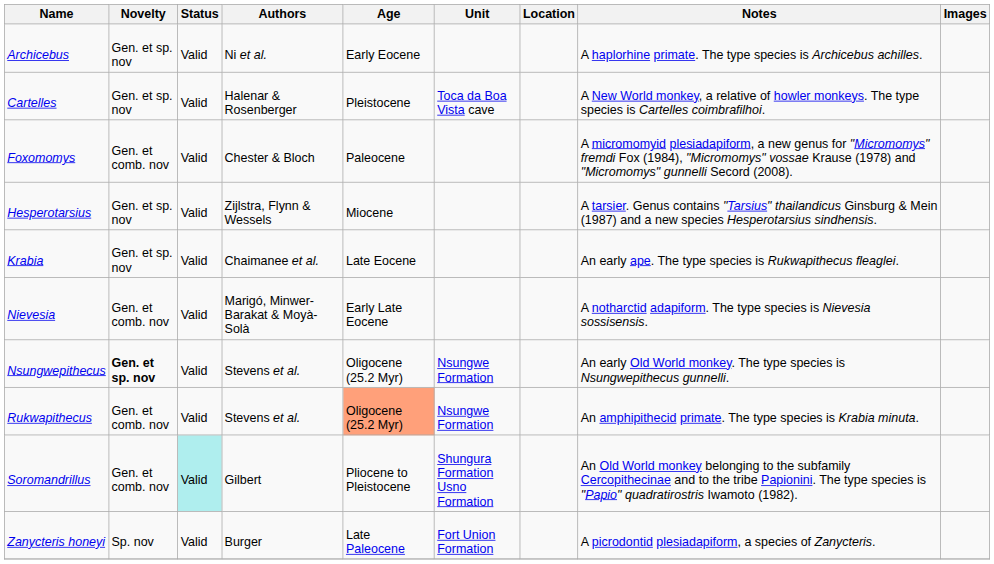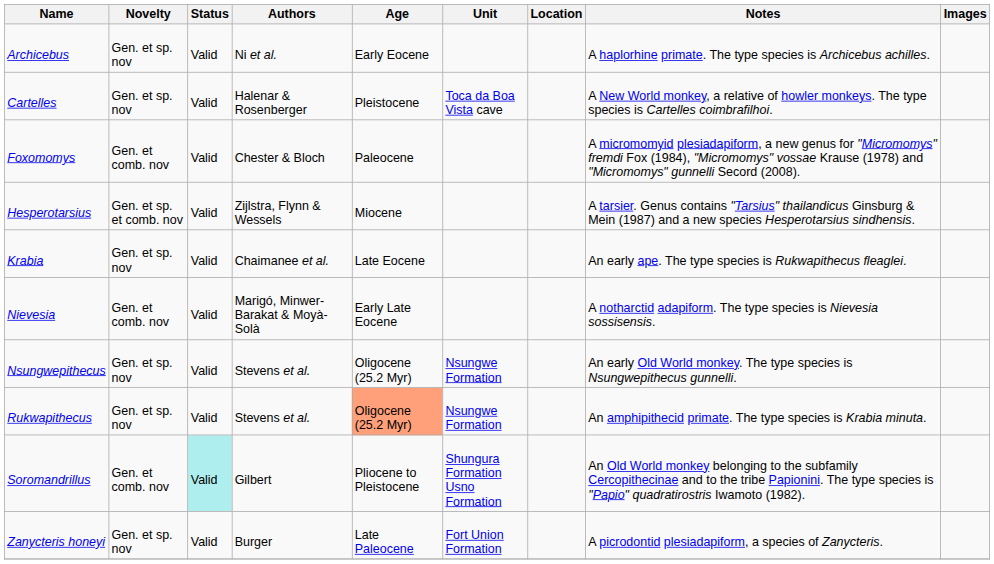 <table class="wikitable sortable" align="center" width="100%">
 <tr>
 <th>Name</th>
 <th>Novelty</th>
 <th>Status</th>
 <th>Authors</th>
 <th>Age</th>
 <th>Unit</th>
 <th>Location</th>
 <th>Notes</th>
 <th>Images</th>
 </tr>
 <tr>
 <td><br><em><a href='#'>Archicebus</a></em></td>
 <td><br>Gen. et sp. nov</td>
 <td><br>Valid</td>
 <td><br>Ni <em>et al.</em></td>
 <td><br>Early Eocene</td>
 <td></td>
 <td><br></td>
 <td><br>A <a href='#'>haplorhine</a> <a href='#'>primate</a>. The type species is <em>Archicebus achilles</em>.</td>
 <td></td>
 </tr>
 <tr>
 <td><br><em><a href='#'>Cartelles</a></em></td>
 <td><br>Gen. et sp. nov</td>
 <td><br>Valid</td>
 <td><br>Halenar & Rosenberger</td>
 <td><br>Pleistocene</td>
 <td><br><a href='#'>Toca da Boa Vista</a> cave</td>
 <td><br></td>
 <td><br>A <a href='#'>New World monkey</a>, a relative of <a href='#'>howler monkeys</a>. The type species is <em>Cartelles coimbrafilhoi</em>.</td>
 <td></td>
 </tr>
 <tr>
 <td><br><em><a href='#'>Foxomomys</a></em></td>
 <td><br>Gen. et comb. nov</td>
 <td><br>Valid</td>
 <td><br>Chester & Bloch</td>
 <td><br>Paleocene</td>
 <td></td>
 <td><br><br> </td>
 <td><br>A <a href='#'>micromomyid</a> <a href='#'>plesiadapiform</a>, a new genus for <em>"<a href='#'>Micromomys</a>" fremdi</em> Fox (1984), <em>"Micromomys" vossae</em> Krause (1978) and <em>"Micromomys" gunnelli</em> Secord (2008).</td>
 <td></td>
 </tr>
 <tr>
 <td><br><em><a href='#'>Hesperotarsius</a></em></td>
-<td><br>Gen. et sp. nov</td>
+<td><br>Gen. et sp. et comb. nov</td>
 <td><br>Valid</td>
 <td><br>Zijlstra, Flynn & Wessels</td>
 <td><br>Miocene</td>
 <td></td>
 <td><br><br> </td>
 <td><br>A <a href='#'>tarsier</a>. Genus contains <em>"<a href='#'>Tarsius</a>" thailandicus</em> Ginsburg & Mein (1987) and a new species <em>Hesperotarsius sindhensis</em>.</td>
 <td></td>
 </tr>
 <tr>
 <td><br><em><a href='#'>Krabia</a></em></td>
 <td><br>Gen. et sp. nov</td>
 <td><br>Valid</td>
 <td><br>Chaimanee <em>et al.</em></td>
 <td><br>Late Eocene</td>
 <td></td>
 <td><br></td>
 <td><br>An early <a href='#'>ape</a>. The type species is <em>Rukwapithecus fleaglei</em>.</td>
 <td></td>
 </tr>
 <tr>
 <td><br><em><a href='#'>Nievesia</a></em></td>
 <td><br>Gen. et comb. nov</td>
 <td><br>Valid</td>
 <td><br>Marigó, Minwer-Barakat & Moyà-Solà</td>
 <td><br>Early Late Eocene</td>
 <td></td>
 <td><br></td>
 <td><br>A <a href='#'>notharctid</a> <a href='#'>adapiform</a>. The type species is <em>Nievesia sossisensis</em>.</td>
 <td></td>
 </tr>
 <tr>
 <td><br><em><a href='#'>Nsungwepithecus</a></em></td>
-<td><strong><br>Gen. et sp. nov</strong></td>
+<td><br>Gen. et sp. nov</td>
 <td><br>Valid</td>
 <td><br>Stevens <em>et al.</em></td>
 <td><br>Oligocene (25.2 Myr)</td>
 <td><br><a href='#'>Nsungwe Formation</a></td>
 <td><br></td>
 <td><br>An early <a href='#'>Old World monkey</a>. The type species is <em>Nsungwepithecus gunnelli</em>.</td>
 <td></td>
 </tr>
 <tr>
 <td><br><em><a href='#'>Rukwapithecus</a></em></td>
-<td><br>Gen. et comb. nov</td>
+<td><br>Gen. et sp. nov</td>
 <td><br>Valid</td>
 <td><br>Stevens <em>et al.</em></td>
 <td style="background: lightsalmon;"><br>Oligocene (25.2 Myr)</td>
 <td><br><a href='#'>Nsungwe Formation</a></td>
 <td><br></td>
 <td><br>An <a href='#'>amphipithecid</a> <a href='#'>primate</a>. The type species is <em>Krabia minuta</em>.</td>
 <td></td>
 </tr>
 <tr>
 <td><br><em><a href='#'>Soromandrillus</a></em></td>
 <td><br>Gen. et comb. nov</td>
 <td style="background: paleturquoise;"><br>Valid</td>
 <td><br>Gilbert</td>
 <td><br>Pliocene to Pleistocene</td>
 <td><br><a href='#'>Shungura Formation</a><br> <a href='#'>Usno Formation</a></td>
 <td><br><br> </td>
 <td><br>An <a href='#'>Old World monkey</a> belonging to the subfamily <a href='#'>Cercopithecinae</a> and to the tribe <a href='#'>Papionini</a>. The type species is <em>"<a href='#'>Papio</a>" quadratirostris</em> Iwamoto (1982).</td>
 <td></td>
 </tr>
 <tr>
 <td><br><em><a href='#'>Zanycteris honeyi</a></em></td>
-<td><br>Sp. nov</td>
+<td><br>Gen. et sp. nov</td>
 <td><br>Valid</td>
 <td><br>Burger</td>
 <td><br>Late <a href='#'>Paleocene</a></td>
 <td><br><a href='#'>Fort Union Formation</a></td>
 <td><br></td>
 <td><br>A <a href='#'>picrodontid</a> <a href='#'>plesiadapiform</a>, a species of <em>Zanycteris</em>.</td>
 <td></td>
 </tr>
 <tr>
 </tr>
 </table>
